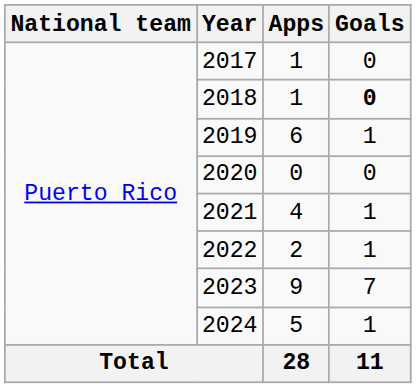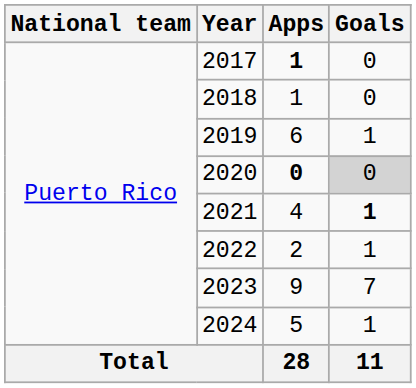 <table class="wikitable" style="text-align:center">
 <tr>
 <th>National team</th>
 <th>Year</th>
 <th>Apps</th>
 <th>Goals</th>
 </tr>
 <tr>
 <td rowspan="8"><a href='#'>Puerto Rico</a></td>
 <td>2017</td>
-<td>1</td>
+<td><strong>1</strong></td>
 <td>0</td>
 </tr>
 <tr>
 <td>2018</td>
 <td>1</td>
-<td><strong>0</strong></td>
+<td>0</td>
 </tr>
 <tr>
 <td>2019</td>
 <td>6</td>
 <td>1</td>
 </tr>
 <tr>
 <td>2020</td>
-<td>0</td>
-<td>0</td>
+<td><strong>0</strong></td>
+<td style="background: lightgrey;">0</td>
 </tr>
 <tr>
 <td>2021</td>
 <td>4</td>
-<td>1</td>
+<td><strong>1</strong></td>
 </tr>
 <tr>
 <td>2022</td>
 <td>2</td>
 <td>1</td>
 </tr>
 <tr>
 <td>2023</td>
 <td>9</td>
 <td>7</td>
 </tr>
 <tr>
 <td>2024</td>
 <td>5</td>
 <td>1</td>
 </tr>
 <tr>
 <th colspan="2">Total</th>
 <th>28</th>
 <th>11</th>
 </tr>
 </table>
